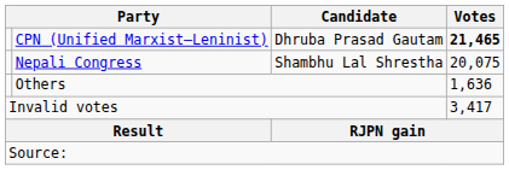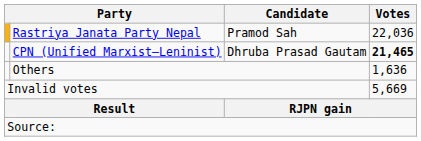 <table class="wikitable">
 <tr>
 <th colspan="2">Party</th>
 <th>Candidate</th>
 <th>Votes</th>
+</tr>
+<tr>
+<td style="background-color:#ffb300"></td>
+<td><a href='#'>Rastriya Janata Party Nepal</a></td>
+<td>Pramod Sah</td>
+<td>22,036</td>
 </tr>
 <tr>
 <td style="background-color:"></td>
 <td><a href='#'>CPN (Unified Marxist–Leninist)</a></td>
 <td>Dhruba Prasad Gautam</td>
 <td><strong>21,465</strong></td>
 </tr>
 <tr>
-<td style="background-color:"></td>
-<td><a href='#'>Nepali Congress</a></td>
-<td>Shambhu Lal Shrestha</td>
-<td>20,075</td>
-</tr>
-<tr>
 <td></td>
 <td colspan="2">Others</td>
 <td>1,636</td>
 </tr>
 <tr>
 <td colspan="3">Invalid votes</td>
-<td>3,417</td>
+<td>5,669</td>
 </tr>
 <tr>
 <th colspan="2">Result</th>
 <th colspan="2">RJPN gain</th>
 </tr>
 <tr>
 <td colspan="4">Source: </td>
 </tr>
 </table>
